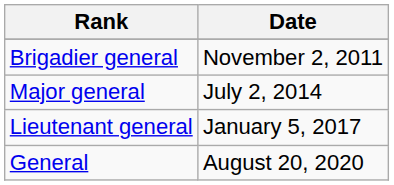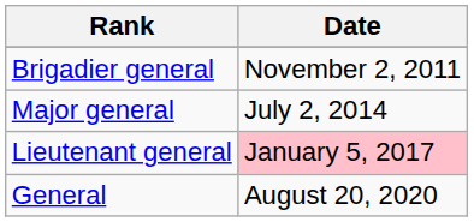 <table class="wikitable">
 <tr>
 <th>Rank</th>
 <th>Date</th>
 </tr>
 <tr>
 </tr>
 <tr>
 <td> <a href='#'>Brigadier general</a></td>
 <td>November 2, 2011</td>
 </tr>
 <tr>
 <td> <a href='#'>Major general</a></td>
 <td>July 2, 2014</td>
 </tr>
 <tr>
 <td> <a href='#'>Lieutenant general</a></td>
-<td>January 5, 2017</td>
+<td style="background: pink;">January 5, 2017</td>
 </tr>
 <tr>
 <td> <a href='#'>General</a></td>
 <td>August 20, 2020</td>
 </tr>
 </table>
